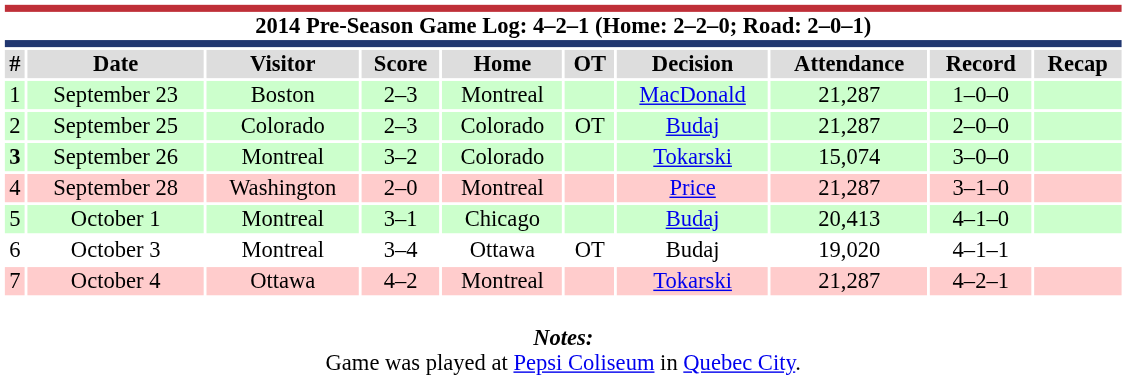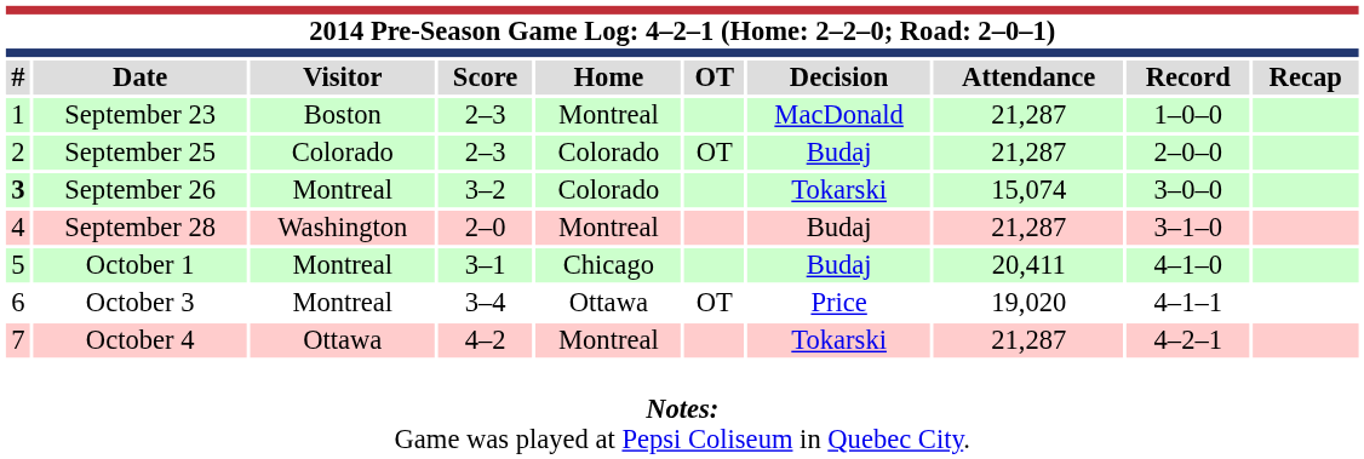 <table class="toccolours collapsible collapsed" style="width:90%; clear:both; margin:1.5em auto; text-align:center;">
 <tr>
 <th colspan=10 style="background:#fff; border-top:#BF2F38 5px solid; border-bottom:#213770 5px solid;">2014 Pre-Season Game Log: 4–2–1 (Home: 2–2–0; Road: 2–0–1)</th>
 </tr>
 <tr style="text-align:center; background:#ddd;">
 <th>#</th>
 <th>Date</th>
 <th>Visitor</th>
 <th>Score</th>
 <th>Home</th>
 <th>OT</th>
 <th>Decision</th>
 <th>Attendance</th>
 <th>Record</th>
 <th>Recap</th>
 </tr>
 <tr style="text-align:center; background:#cfc;">
 <td>1</td>
 <td>September 23</td>
 <td>Boston</td>
 <td>2–3</td>
 <td>Montreal</td>
 <td></td>
 <td><a href='#'>MacDonald</a></td>
 <td>21,287</td>
 <td>1–0–0</td>
 <td></td>
 </tr>
 <tr style="text-align:center; background:#cfc;">
 <td>2</td>
 <td>September 25</td>
 <td>Colorado</td>
 <td>2–3</td>
 <td>Colorado</td>
 <td>OT</td>
 <td><a href='#'>Budaj</a></td>
 <td>21,287</td>
 <td>2–0–0</td>
 <td></td>
 </tr>
 <tr style="text-align:center; background:#cfc;">
 <td><strong>3</strong></td>
 <td>September 26</td>
 <td>Montreal</td>
 <td>3–2</td>
 <td>Colorado</td>
 <td></td>
 <td><a href='#'>Tokarski</a></td>
 <td>15,074</td>
 <td>3–0–0</td>
 <td></td>
 </tr>
 <tr style="text-align:center; background:#fcc;">
 <td>4</td>
 <td>September 28</td>
 <td>Washington</td>
 <td>2–0</td>
 <td>Montreal</td>
 <td></td>
-<td><a href='#'>Price</a></td>
+<td>Budaj</td>
 <td>21,287</td>
 <td>3–1–0</td>
 <td></td>
 </tr>
 <tr style="text-align:center; background:#cfc;">
 <td>5</td>
 <td>October 1</td>
 <td>Montreal</td>
 <td>3–1</td>
 <td>Chicago</td>
 <td></td>
 <td><a href='#'>Budaj</a></td>
-<td>20,413</td>
+<td>20,411</td>
 <td>4–1–0</td>
 <td></td>
 </tr>
 <tr style="text-align:center; background:#fff;">
 <td>6</td>
 <td>October 3</td>
 <td>Montreal</td>
 <td>3–4</td>
 <td>Ottawa</td>
 <td>OT</td>
-<td>Budaj</td>
+<td><a href='#'>Price</a></td>
 <td>19,020</td>
 <td>4–1–1</td>
 <td></td>
 </tr>
 <tr style="text-align:center; background:#fcc;">
 <td>7</td>
 <td>October 4</td>
 <td>Ottawa</td>
 <td>4–2</td>
 <td>Montreal</td>
 <td></td>
 <td><a href='#'>Tokarski</a></td>
 <td>21,287</td>
 <td>4–2–1</td>
 <td></td>
 </tr>
 <tr>
 <td colspan="10" style="text-align:center;"><br><strong><em>Notes:</em></strong><br> Game was played at <a href='#'>Pepsi Coliseum</a> in <a href='#'>Quebec City</a>.</td>
 </tr>
 </table>
